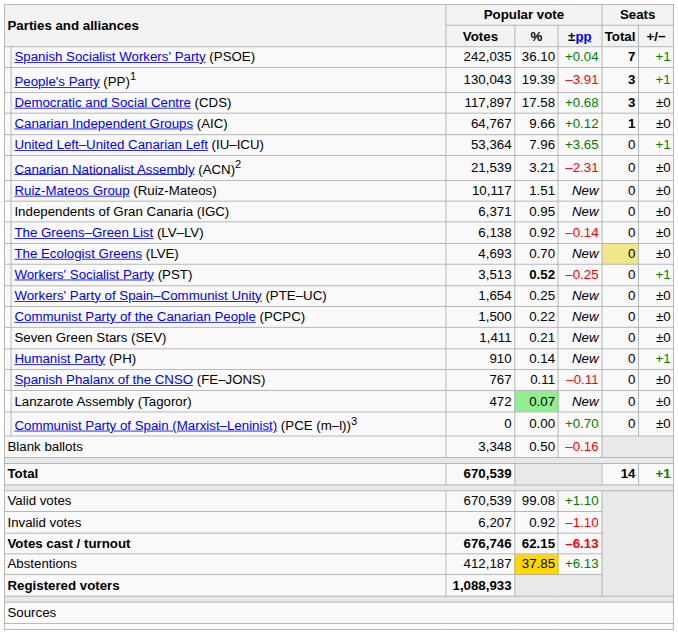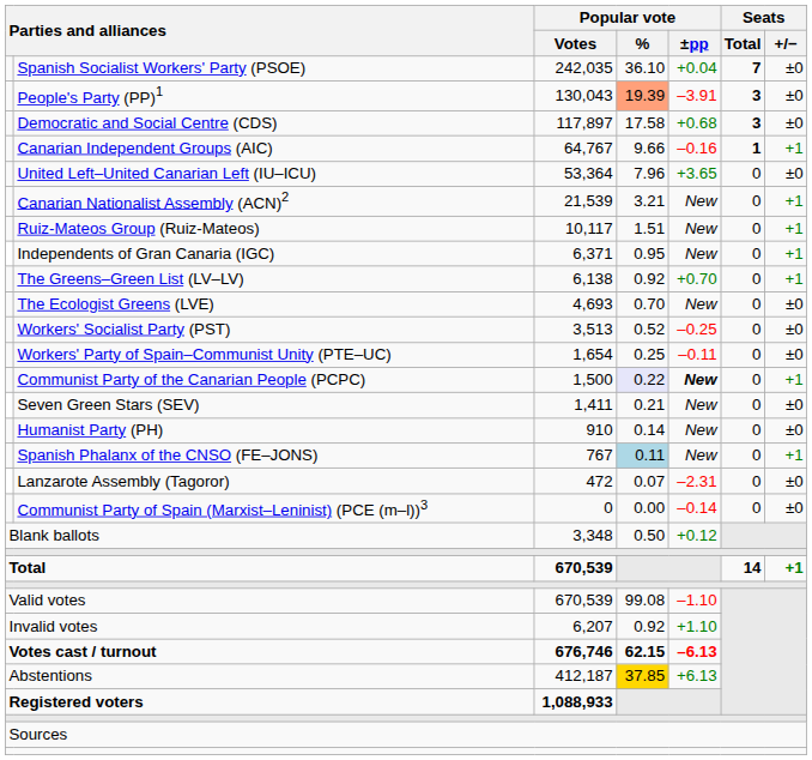 <table class="wikitable" style="text-align:right;">
 <tr>
 <th style="text-align:left;" rowspan="2" colspan="2" width="525">Parties and alliances</th>
 <th colspan="3">Popular vote</th>
 <th colspan="2">Seats</th>
 </tr>
 <tr>
 <th width="75">Votes</th>
 <th width="45">%</th>
 <th width="45">±<a href='#'>pp</a></th>
 <th width="35">Total</th>
 <th width="35">+/−</th>
 </tr>
 <tr>
 <td width="1" style="color:inherit;background:"></td>
 <td align="left"><a href='#'>Spanish Socialist Workers' Party</a> (PSOE)</td>
 <td>242,035</td>
 <td>36.10</td>
 <td style="color:green;">+0.04</td>
 <td><strong>7</strong></td>
-<td style="color:green;">+1</td>
+<td>±0</td>
 </tr>
 <tr>
 <td style="color:inherit;background:"></td>
 <td align="left"><a href='#'>People's Party</a> (PP)<sup>1</sup></td>
 <td>130,043</td>
-<td>19.39</td>
+<td style="background: lightsalmon;">19.39</td>
 <td style="color:red;">–3.91</td>
 <td><strong>3</strong></td>
-<td style="color:green;">+1</td>
+<td>±0</td>
 </tr>
 <tr>
 <td style="color:inherit;background:"></td>
 <td align="left"><a href='#'>Democratic and Social Centre</a> (CDS)</td>
 <td>117,897</td>
 <td>17.58</td>
 <td style="color:green;">+0.68</td>
 <td><strong>3</strong></td>
 <td>±0</td>
 </tr>
 <tr>
 <td style="color:inherit;background:"></td>
 <td align="left"><a href='#'>Canarian Independent Groups</a> (AIC)</td>
 <td>64,767</td>
 <td>9.66</td>
-<td style="color:green;">+0.12</td>
+<td style="color:red;">–0.16</td>
 <td><strong>1</strong></td>
-<td>±0</td>
+<td style="color:green;">+1</td>
 </tr>
 <tr>
 <td style="color:inherit;background:"></td>
 <td align="left"><a href='#'>United Left–United Canarian Left</a> (IU–ICU)</td>
 <td>53,364</td>
 <td>7.96</td>
 <td style="color:green;">+3.65</td>
 <td>0</td>
-<td style="color:green;">+1</td>
+<td>±0</td>
 </tr>
 <tr>
 <td style="color:inherit;background:"></td>
 <td align="left"><a href='#'>Canarian Nationalist Assembly</a> (ACN)<sup>2</sup></td>
 <td>21,539</td>
 <td>3.21</td>
-<td style="color:red;">–2.31</td>
+<td><em>New</em></td>
 <td>0</td>
-<td>±0</td>
+<td style="color:green;">+1</td>
 </tr>
 <tr>
 <td style="color:inherit;background:"></td>
 <td align="left"><a href='#'>Ruiz-Mateos Group</a> (Ruiz-Mateos)</td>
 <td>10,117</td>
 <td>1.51</td>
 <td><em>New</em></td>
 <td>0</td>
-<td>±0</td>
+<td style="color:green;">+1</td>
 </tr>
 <tr>
 <td bgcolor="white"></td>
 <td align="left">Independents of Gran Canaria (IGC)</td>
 <td>6,371</td>
 <td>0.95</td>
 <td><em>New</em></td>
 <td>0</td>
-<td>±0</td>
+<td style="color:green;">+1</td>
 </tr>
 <tr>
 <td style="color:inherit;background:"></td>
 <td align="left"><a href='#'>The Greens–Green List</a> (LV–LV)</td>
 <td>6,138</td>
 <td>0.92</td>
-<td style="color:red;">–0.14</td>
+<td style="color:green;">+0.70</td>
 <td>0</td>
-<td>±0</td>
+<td style="color:green;">+1</td>
 </tr>
 <tr>
 <td style="color:inherit;background:"></td>
 <td align="left"><a href='#'>The Ecologist Greens</a> (LVE)</td>
 <td>4,693</td>
 <td>0.70</td>
 <td><em>New</em></td>
-<td style="background: khaki;">0</td>
+<td>0</td>
 <td>±0</td>
 </tr>
 <tr>
 <td style="color:inherit;background:"></td>
 <td align="left"><a href='#'>Workers' Socialist Party</a> (PST)</td>
 <td>3,513</td>
-<td><strong>0.52</strong></td>
+<td>0.52</td>
 <td style="color:red;">–0.25</td>
 <td>0</td>
-<td style="color:green;">+1</td>
+<td>±0</td>
 </tr>
 <tr>
 <td style="color:inherit;background:"></td>
 <td align="left"><a href='#'>Workers' Party of Spain–Communist Unity</a> (PTE–UC)</td>
 <td>1,654</td>
 <td>0.25</td>
-<td><em>New</em></td>
+<td style="color:red;">–0.11</td>
 <td>0</td>
 <td>±0</td>
 </tr>
 <tr>
 <td style="color:inherit;background:"></td>
 <td align="left"><a href='#'>Communist Party of the Canarian People</a> (PCPC)</td>
 <td>1,500</td>
-<td>0.22</td>
-<td><em>New</em></td>
+<td style="background: lavender;">0.22</td>
+<td><strong><em>New</em></strong></td>
 <td>0</td>
-<td>±0</td>
+<td style="color:green;">+1</td>
 </tr>
 <tr>
 <td bgcolor="white"></td>
 <td align="left">Seven Green Stars (SEV)</td>
 <td>1,411</td>
 <td>0.21</td>
 <td><em>New</em></td>
 <td>0</td>
 <td>±0</td>
 </tr>
 <tr>
 <td style="color:inherit;background:"></td>
 <td align="left"><a href='#'>Humanist Party</a> (PH)</td>
 <td>910</td>
 <td>0.14</td>
 <td><em>New</em></td>
 <td>0</td>
-<td style="color:green;">+1</td>
+<td>±0</td>
 </tr>
 <tr>
 <td style="color:inherit;background:"></td>
 <td align="left"><a href='#'>Spanish Phalanx of the CNSO</a> (FE–JONS)</td>
 <td>767</td>
-<td>0.11</td>
-<td style="color:red;">–0.11</td>
+<td style="background: lightblue;">0.11</td>
+<td><em>New</em></td>
 <td>0</td>
-<td>±0</td>
+<td style="color:green;">+1</td>
 </tr>
 <tr>
 <td bgcolor="white"></td>
 <td align="left">Lanzarote Assembly (Tagoror)</td>
 <td>472</td>
-<td style="background: lightgreen;">0.07</td>
-<td><em>New</em></td>
+<td>0.07</td>
+<td style="color:red;">–2.31</td>
 <td>0</td>
 <td>±0</td>
 </tr>
 <tr>
 <td style="color:inherit;background:"></td>
 <td align="left"><a href='#'>Communist Party of Spain (Marxist–Leninist)</a> (PCE (m–l))<sup>3</sup></td>
 <td>0</td>
 <td>0.00</td>
-<td style="color:green;">+0.70</td>
+<td style="color:red;">–0.14</td>
 <td>0</td>
 <td>±0</td>
 </tr>
 <tr>
 <td align="left" colspan="2">Blank ballots</td>
 <td>3,348</td>
 <td>0.50</td>
-<td style="color:red;">–0.16</td>
+<td style="color:green;">+0.12</td>
 <td bgcolor="#E9E9E9" colspan="2"></td>
 </tr>
 <tr>
 <td colspan="7" bgcolor="#E9E9E9"></td>
 </tr>
 <tr style="font-weight:bold;">
 <td align="left" colspan="2">Total</td>
 <td>670,539</td>
 <td bgcolor="#E9E9E9" colspan="2"></td>
 <td>14</td>
 <td style="color:green;">+1</td>
 </tr>
 <tr>
 <td colspan="7" bgcolor="#E9E9E9"></td>
 </tr>
 <tr>
 <td align="left" colspan="2">Valid votes</td>
 <td>670,539</td>
 <td>99.08</td>
-<td style="color:green;">+1.10</td>
+<td style="color:red;">–1.10</td>
 <td bgcolor="#E9E9E9" colspan="2" rowspan="5"></td>
 </tr>
 <tr>
 <td align="left" colspan="2">Invalid votes</td>
 <td>6,207</td>
 <td>0.92</td>
-<td style="color:red;">–1.10</td>
+<td style="color:green;">+1.10</td>
 </tr>
 <tr style="font-weight:bold;">
 <td align="left" colspan="2">Votes cast / turnout</td>
 <td>676,746</td>
 <td>62.15</td>
 <td style="color:red;">–6.13</td>
 </tr>
 <tr>
 <td align="left" colspan="2">Abstentions</td>
 <td>412,187</td>
 <td style="background: gold;">37.85</td>
 <td style="color:green;">+6.13</td>
 </tr>
 <tr style="font-weight:bold;">
 <td align="left" colspan="2">Registered voters</td>
 <td>1,088,933</td>
 <td bgcolor="#E9E9E9" colspan="2"></td>
 </tr>
 <tr>
 <td colspan="7" bgcolor="#E9E9E9"></td>
 </tr>
 <tr>
 <td align="left" colspan="7">Sources</td>
 </tr>
 <tr>
 <td colspan="7" style="text-align:left; max-width:790px;"></td>
 </tr>
 </table>
